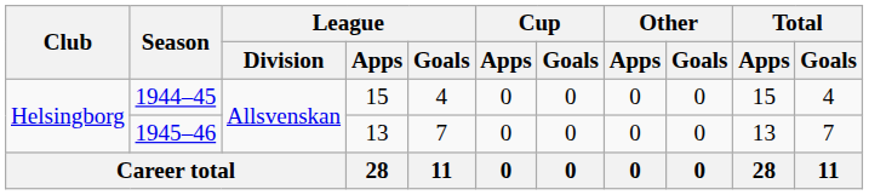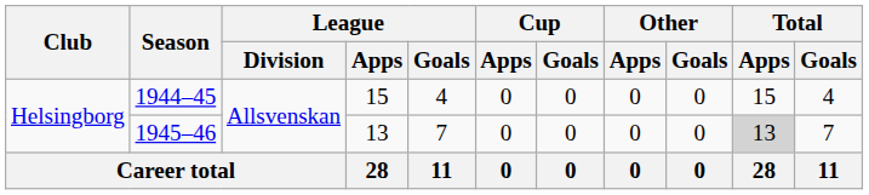 <table class="wikitable" style="text-align: center">
 <tr>
 <th rowspan="2">Club</th>
 <th rowspan="2">Season</th>
 <th colspan="3">League</th>
 <th colspan="2">Cup</th>
 <th colspan="2">Other</th>
 <th colspan="2">Total</th>
 </tr>
 <tr>
 <th>Division</th>
 <th>Apps</th>
 <th>Goals</th>
 <th>Apps</th>
 <th>Goals</th>
 <th>Apps</th>
 <th>Goals</th>
 <th>Apps</th>
 <th>Goals</th>
 </tr>
 <tr>
 <td rowspan="2"><a href='#'>Helsingborg</a></td>
 <td><a href='#'>1944–45</a></td>
 <td rowspan="2"><a href='#'>Allsvenskan</a></td>
 <td>15</td>
 <td>4</td>
 <td>0</td>
 <td>0</td>
 <td>0</td>
 <td>0</td>
 <td>15</td>
 <td>4</td>
 </tr>
 <tr>
 <td><a href='#'>1945–46</a></td>
 <td>13</td>
 <td>7</td>
 <td>0</td>
 <td>0</td>
 <td>0</td>
 <td>0</td>
-<td>13</td>
+<td style="background: lightgrey;">13</td>
 <td>7</td>
 </tr>
 <tr>
 <th colspan="3">Career total</th>
 <th>28</th>
 <th>11</th>
 <th>0</th>
 <th>0</th>
 <th>0</th>
 <th>0</th>
 <th>28</th>
 <th>11</th>
 </tr>
 </table>
